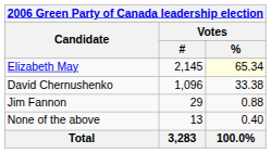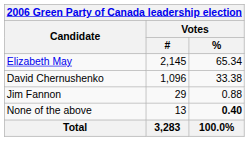 <table class="wikitable">
 <tr>
 <th colspan="3"><a href='#'>2006 Green Party of Canada leadership election</a></th>
 </tr>
 <tr>
 <th rowspan=2>Candidate</th>
 <th colspan=2>Votes</th>
 </tr>
 <tr>
 <th>#</th>
 <th>%</th>
 </tr>
 <tr>
 <td><a href='#'>Elizabeth May</a></td>
 <td align=right>2,145</td>
-<td align=right style="background: lightyellow;">65.34</td>
+<td align=right>65.34</td>
 </tr>
 <tr>
 <td>David Chernushenko</td>
 <td align=right>1,096</td>
 <td align=right>33.38</td>
 </tr>
 <tr>
 <td>Jim Fannon</td>
 <td align=right>29</td>
 <td align=right>0.88</td>
 </tr>
 <tr>
 <td>None of the above</td>
 <td align=right>13</td>
-<td align=right>0.40</td>
+<td align=right><strong>0.40</strong></td>
 </tr>
 <tr>
 <th>Total</th>
 <th align=right>3,283</th>
 <th align=right>100.0%</th>
 </tr>
 </table>
